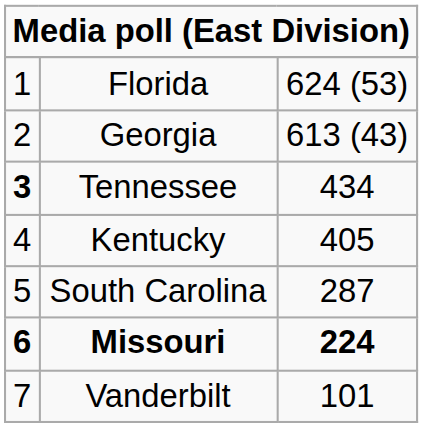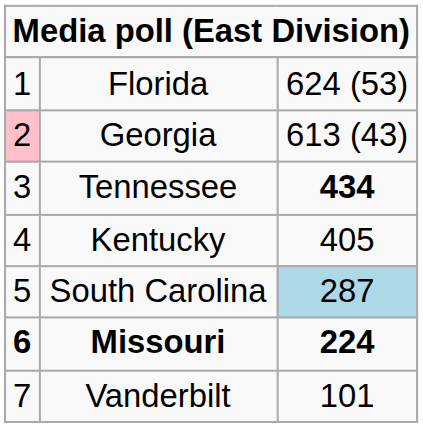 <table class="wikitable" style="display: inline-table;">
 <tr>
 <td align="center" Colspan="3"><strong>Media poll (East Division)</strong></td>
 </tr>
 <tr align="center">
 </tr>
 <tr align="center">
 <td>1</td>
 <td>Florida</td>
 <td>624 (53)</td>
 </tr>
 <tr align="center">
-<td>2</td>
+<td style="background: pink;">2</td>
 <td>Georgia</td>
 <td>613 (43)</td>
 </tr>
 <tr align="center">
-<td><strong>3</strong></td>
+<td>3</td>
 <td>Tennessee</td>
-<td>434</td>
+<td><strong>434</strong></td>
 </tr>
 <tr align="center">
 <td>4</td>
 <td>Kentucky</td>
 <td>405</td>
 </tr>
 <tr align="center">
 <td>5</td>
 <td>South Carolina</td>
-<td>287</td>
+<td style="background: lightblue;">287</td>
 </tr>
 <tr align="center">
 <td><strong>6</strong></td>
 <td><strong>Missouri</strong></td>
 <td><strong>224</strong></td>
 </tr>
 <tr align="center">
 <td>7</td>
 <td>Vanderbilt</td>
 <td>101</td>
 </tr>
 </table>
